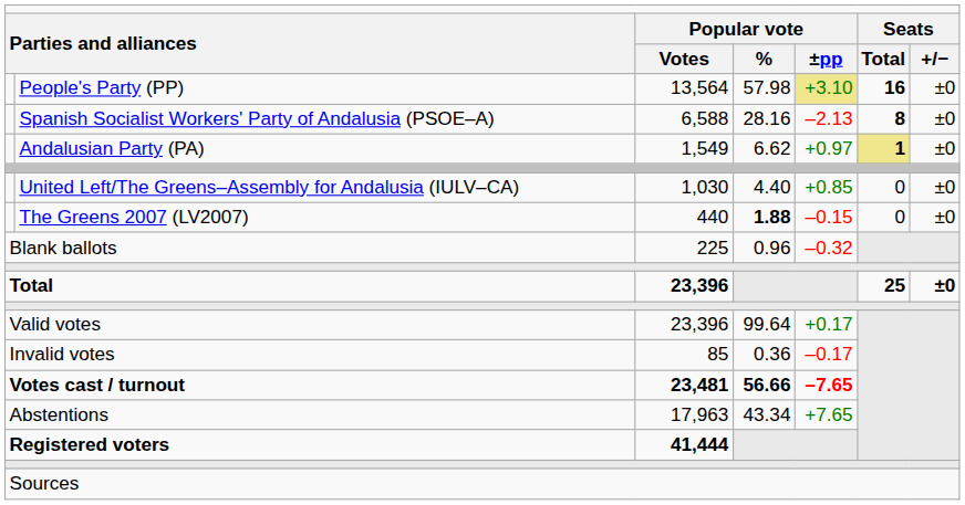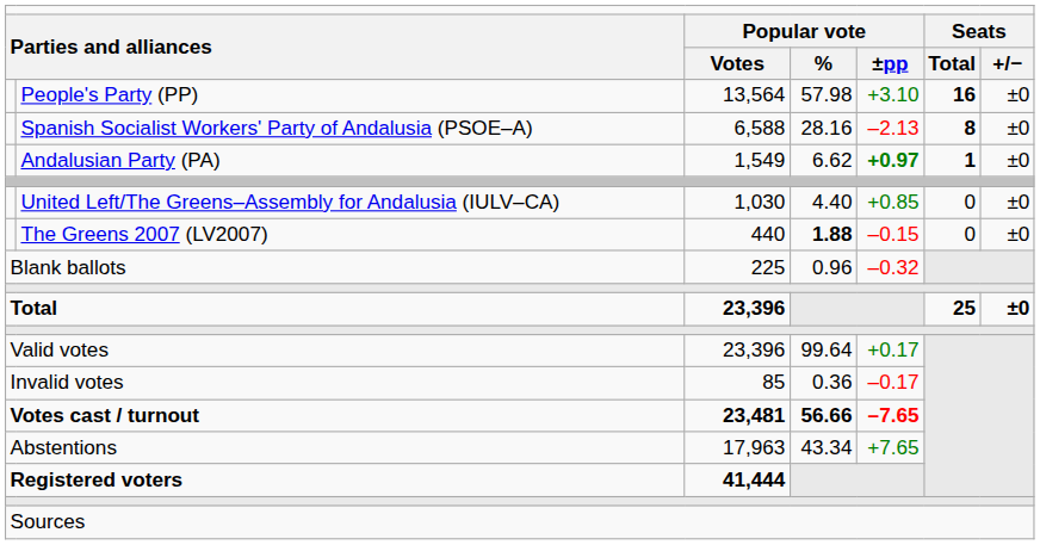 <table class="wikitable" style="text-align:right;">
 <tr>
 <td colspan="7"></td>
 </tr>
 <tr>
 <th style="text-align:left;" rowspan="2" colspan="2" width="525">Parties and alliances</th>
 <th colspan="3">Popular vote</th>
 <th colspan="2">Seats</th>
 </tr>
 <tr>
 <th width="75">Votes</th>
 <th width="45">%</th>
 <th width="45">±<a href='#'>pp</a></th>
 <th width="35">Total</th>
 <th width="35">+/−</th>
 </tr>
 <tr>
 <td width="1" style="color:inherit;background:"></td>
 <td align="left"><a href='#'>People's Party</a> (PP)</td>
 <td>13,564</td>
 <td>57.98</td>
-<td style="background: khaki; color:green;">+3.10</td>
+<td style="color:green;">+3.10</td>
 <td><strong>16</strong></td>
 <td>±0</td>
 </tr>
 <tr>
 <td style="color:inherit;background:"></td>
 <td align="left"><a href='#'>Spanish Socialist Workers' Party of Andalusia</a> (PSOE–A)</td>
 <td>6,588</td>
 <td>28.16</td>
 <td style="color:red;">–2.13</td>
 <td><strong>8</strong></td>
 <td>±0</td>
 </tr>
 <tr>
 <td style="color:inherit;background:"></td>
 <td align="left"><a href='#'>Andalusian Party</a> (PA)</td>
 <td>1,549</td>
 <td>6.62</td>
-<td style="color:green;">+0.97</td>
-<td style="background: khaki;"><strong>1</strong></td>
+<td style="color:green;"><strong>+0.97</strong></td>
+<td><strong>1</strong></td>
 <td>±0</td>
 </tr>
 <tr>
 <td colspan="7" bgcolor="#C0C0C0"></td>
 </tr>
 <tr>
 <td style="color:inherit;background:"></td>
 <td align="left"><a href='#'>United Left/The Greens–Assembly for Andalusia</a> (IULV–CA)</td>
 <td>1,030</td>
 <td>4.40</td>
 <td style="color:green;">+0.85</td>
 <td>0</td>
 <td>±0</td>
 </tr>
 <tr>
 <td style="color:inherit;background:"></td>
 <td align="left"><a href='#'>The Greens 2007</a> (LV2007)</td>
 <td>440</td>
 <td><strong>1.88</strong></td>
 <td style="color:red;">–0.15</td>
 <td>0</td>
 <td>±0</td>
 </tr>
 <tr>
 <td align="left" colspan="2">Blank ballots</td>
 <td>225</td>
 <td>0.96</td>
 <td style="color:red;">–0.32</td>
 <td bgcolor="#E9E9E9" colspan="2"></td>
 </tr>
 <tr>
 <td colspan="7" bgcolor="#E9E9E9"></td>
 </tr>
 <tr style="font-weight:bold;">
 <td align="left" colspan="2">Total</td>
 <td>23,396</td>
 <td bgcolor="#E9E9E9" colspan="2"></td>
 <td>25</td>
 <td>±0</td>
 </tr>
 <tr>
 <td colspan="7" bgcolor="#E9E9E9"></td>
 </tr>
 <tr>
 <td align="left" colspan="2">Valid votes</td>
 <td>23,396</td>
 <td>99.64</td>
 <td style="color:green;">+0.17</td>
 <td bgcolor="#E9E9E9" colspan="2" rowspan="5"></td>
 </tr>
 <tr>
 <td align="left" colspan="2">Invalid votes</td>
 <td>85</td>
 <td>0.36</td>
 <td style="color:red;">–0.17</td>
 </tr>
 <tr style="font-weight:bold;">
 <td align="left" colspan="2">Votes cast / turnout</td>
 <td>23,481</td>
 <td>56.66</td>
 <td style="color:red;">–7.65</td>
 </tr>
 <tr>
 <td align="left" colspan="2">Abstentions</td>
 <td>17,963</td>
 <td>43.34</td>
 <td style="color:green;">+7.65</td>
 </tr>
 <tr style="font-weight:bold;">
 <td align="left" colspan="2">Registered voters</td>
 <td>41,444</td>
 <td bgcolor="#E9E9E9" colspan="2"></td>
 </tr>
 <tr>
 <td colspan="7" bgcolor="#E9E9E9"></td>
 </tr>
 <tr>
 <td align="left" colspan="7">Sources</td>
 </tr>
 </table>
